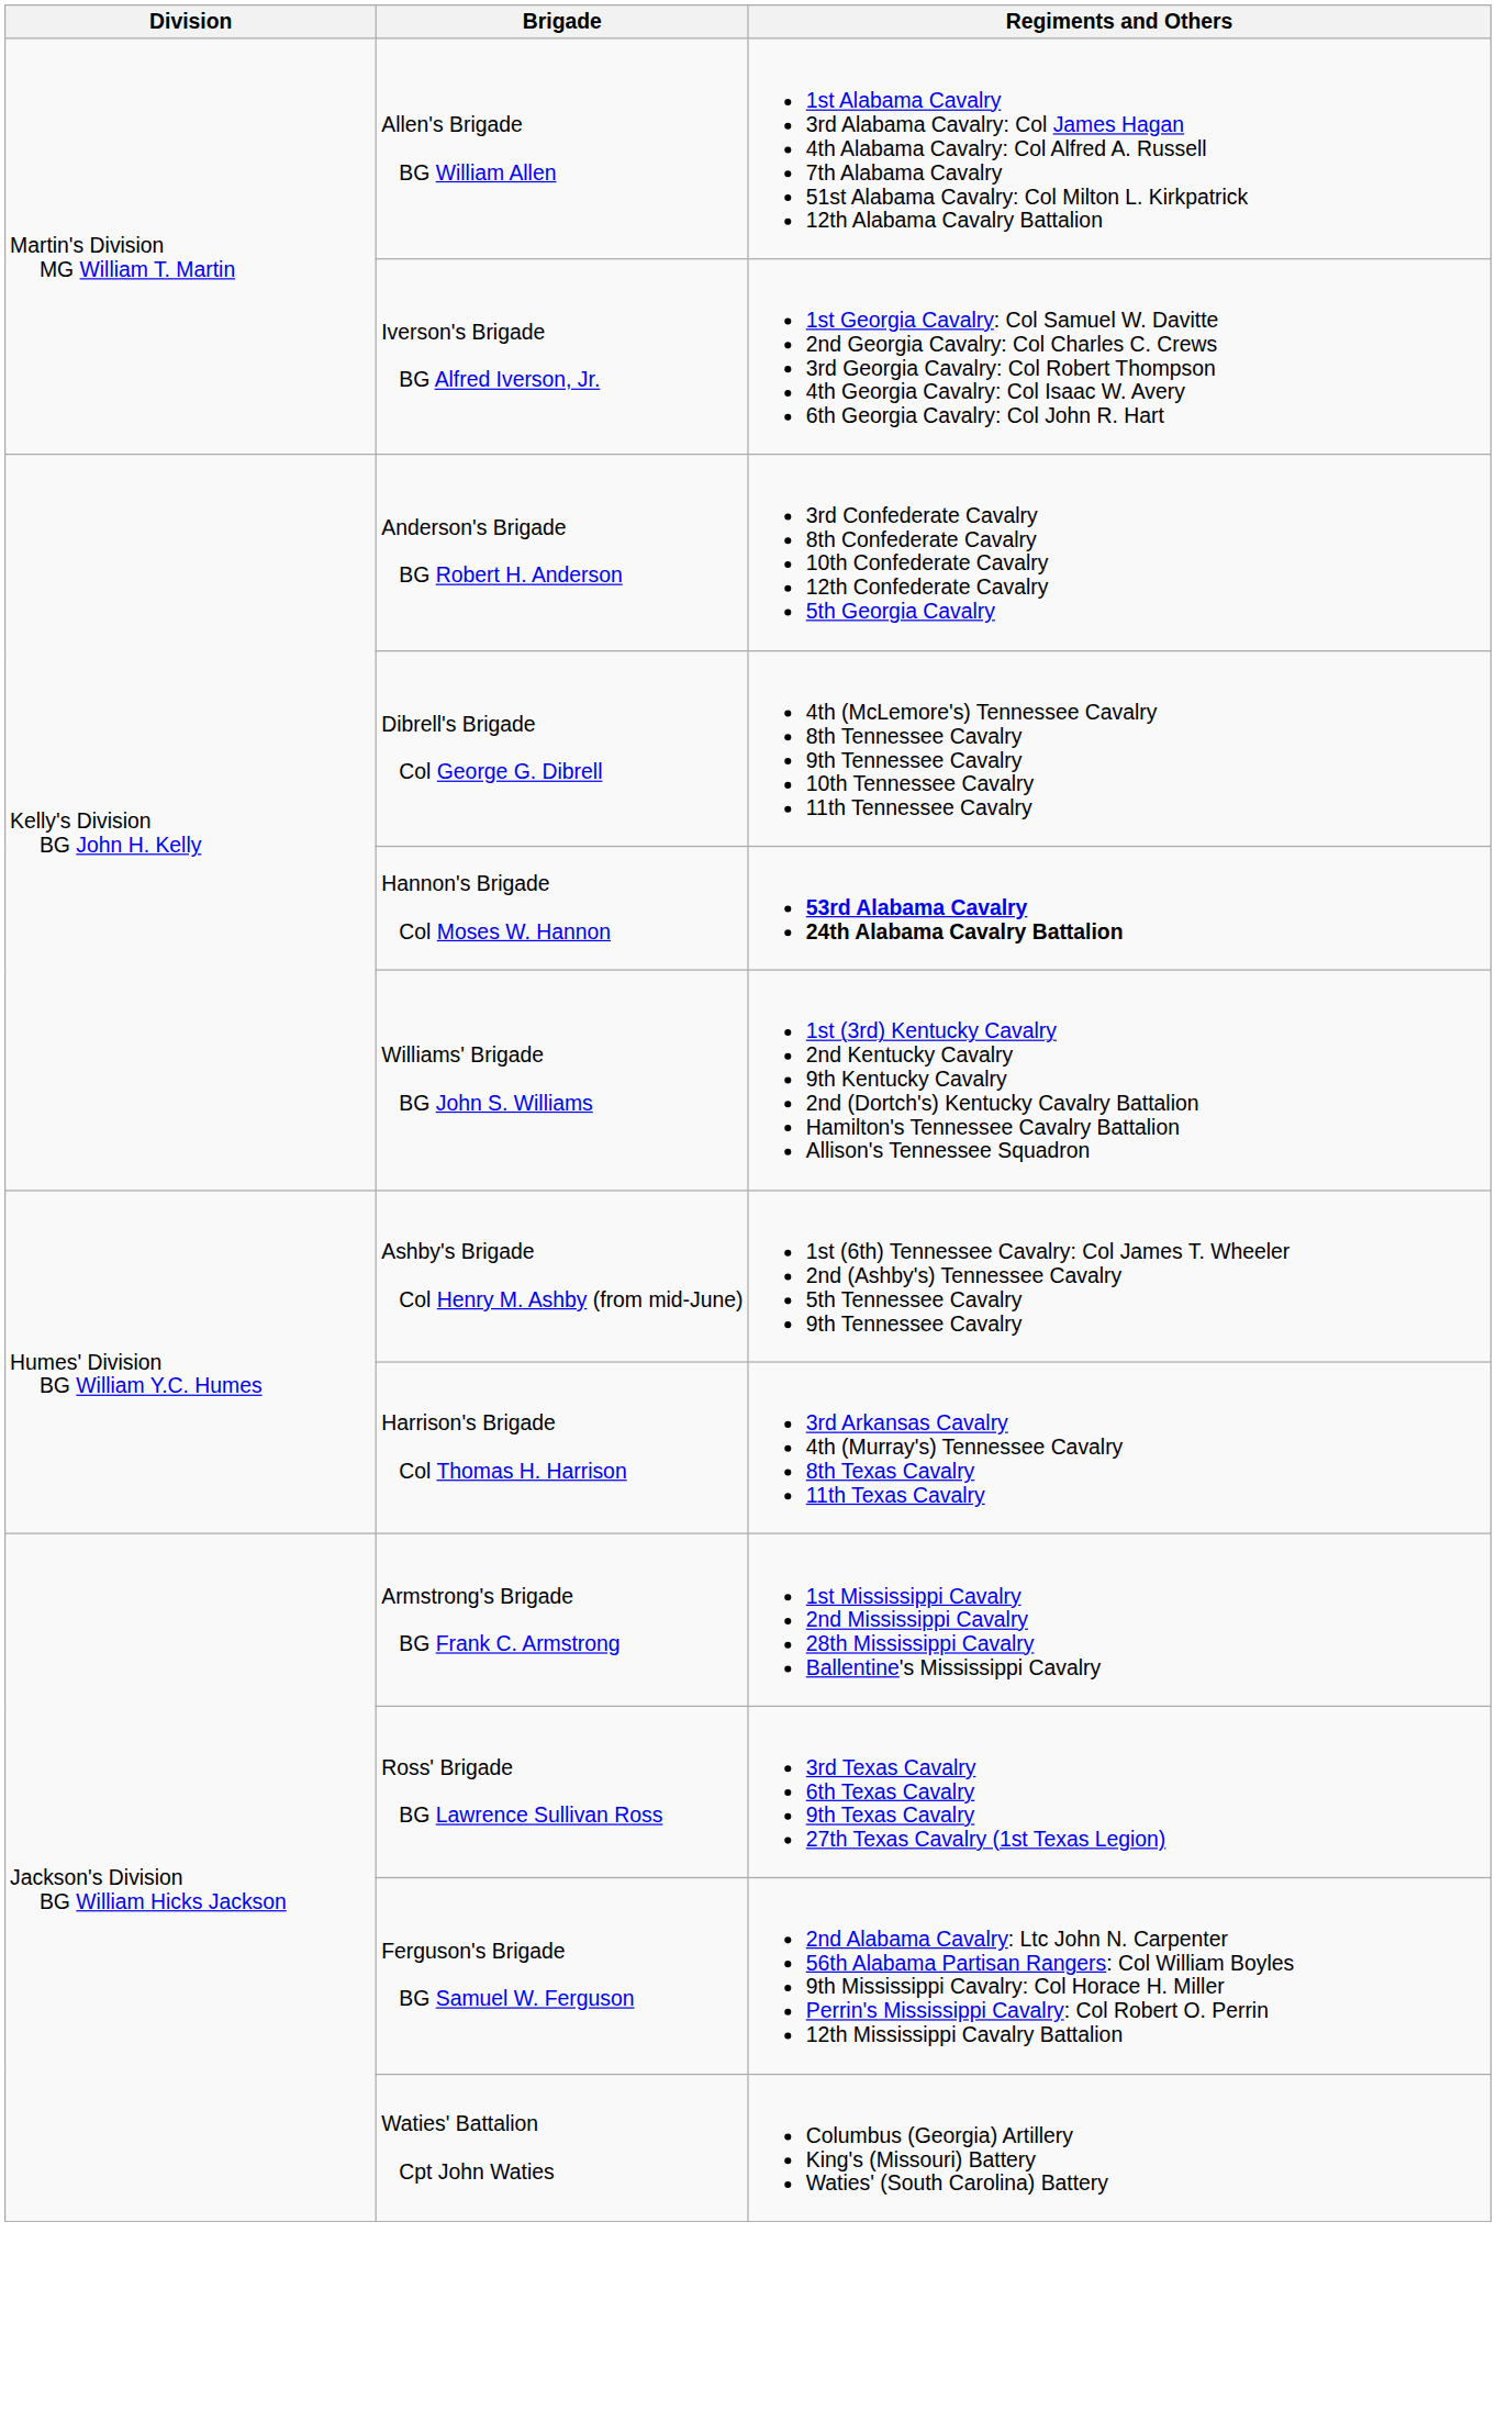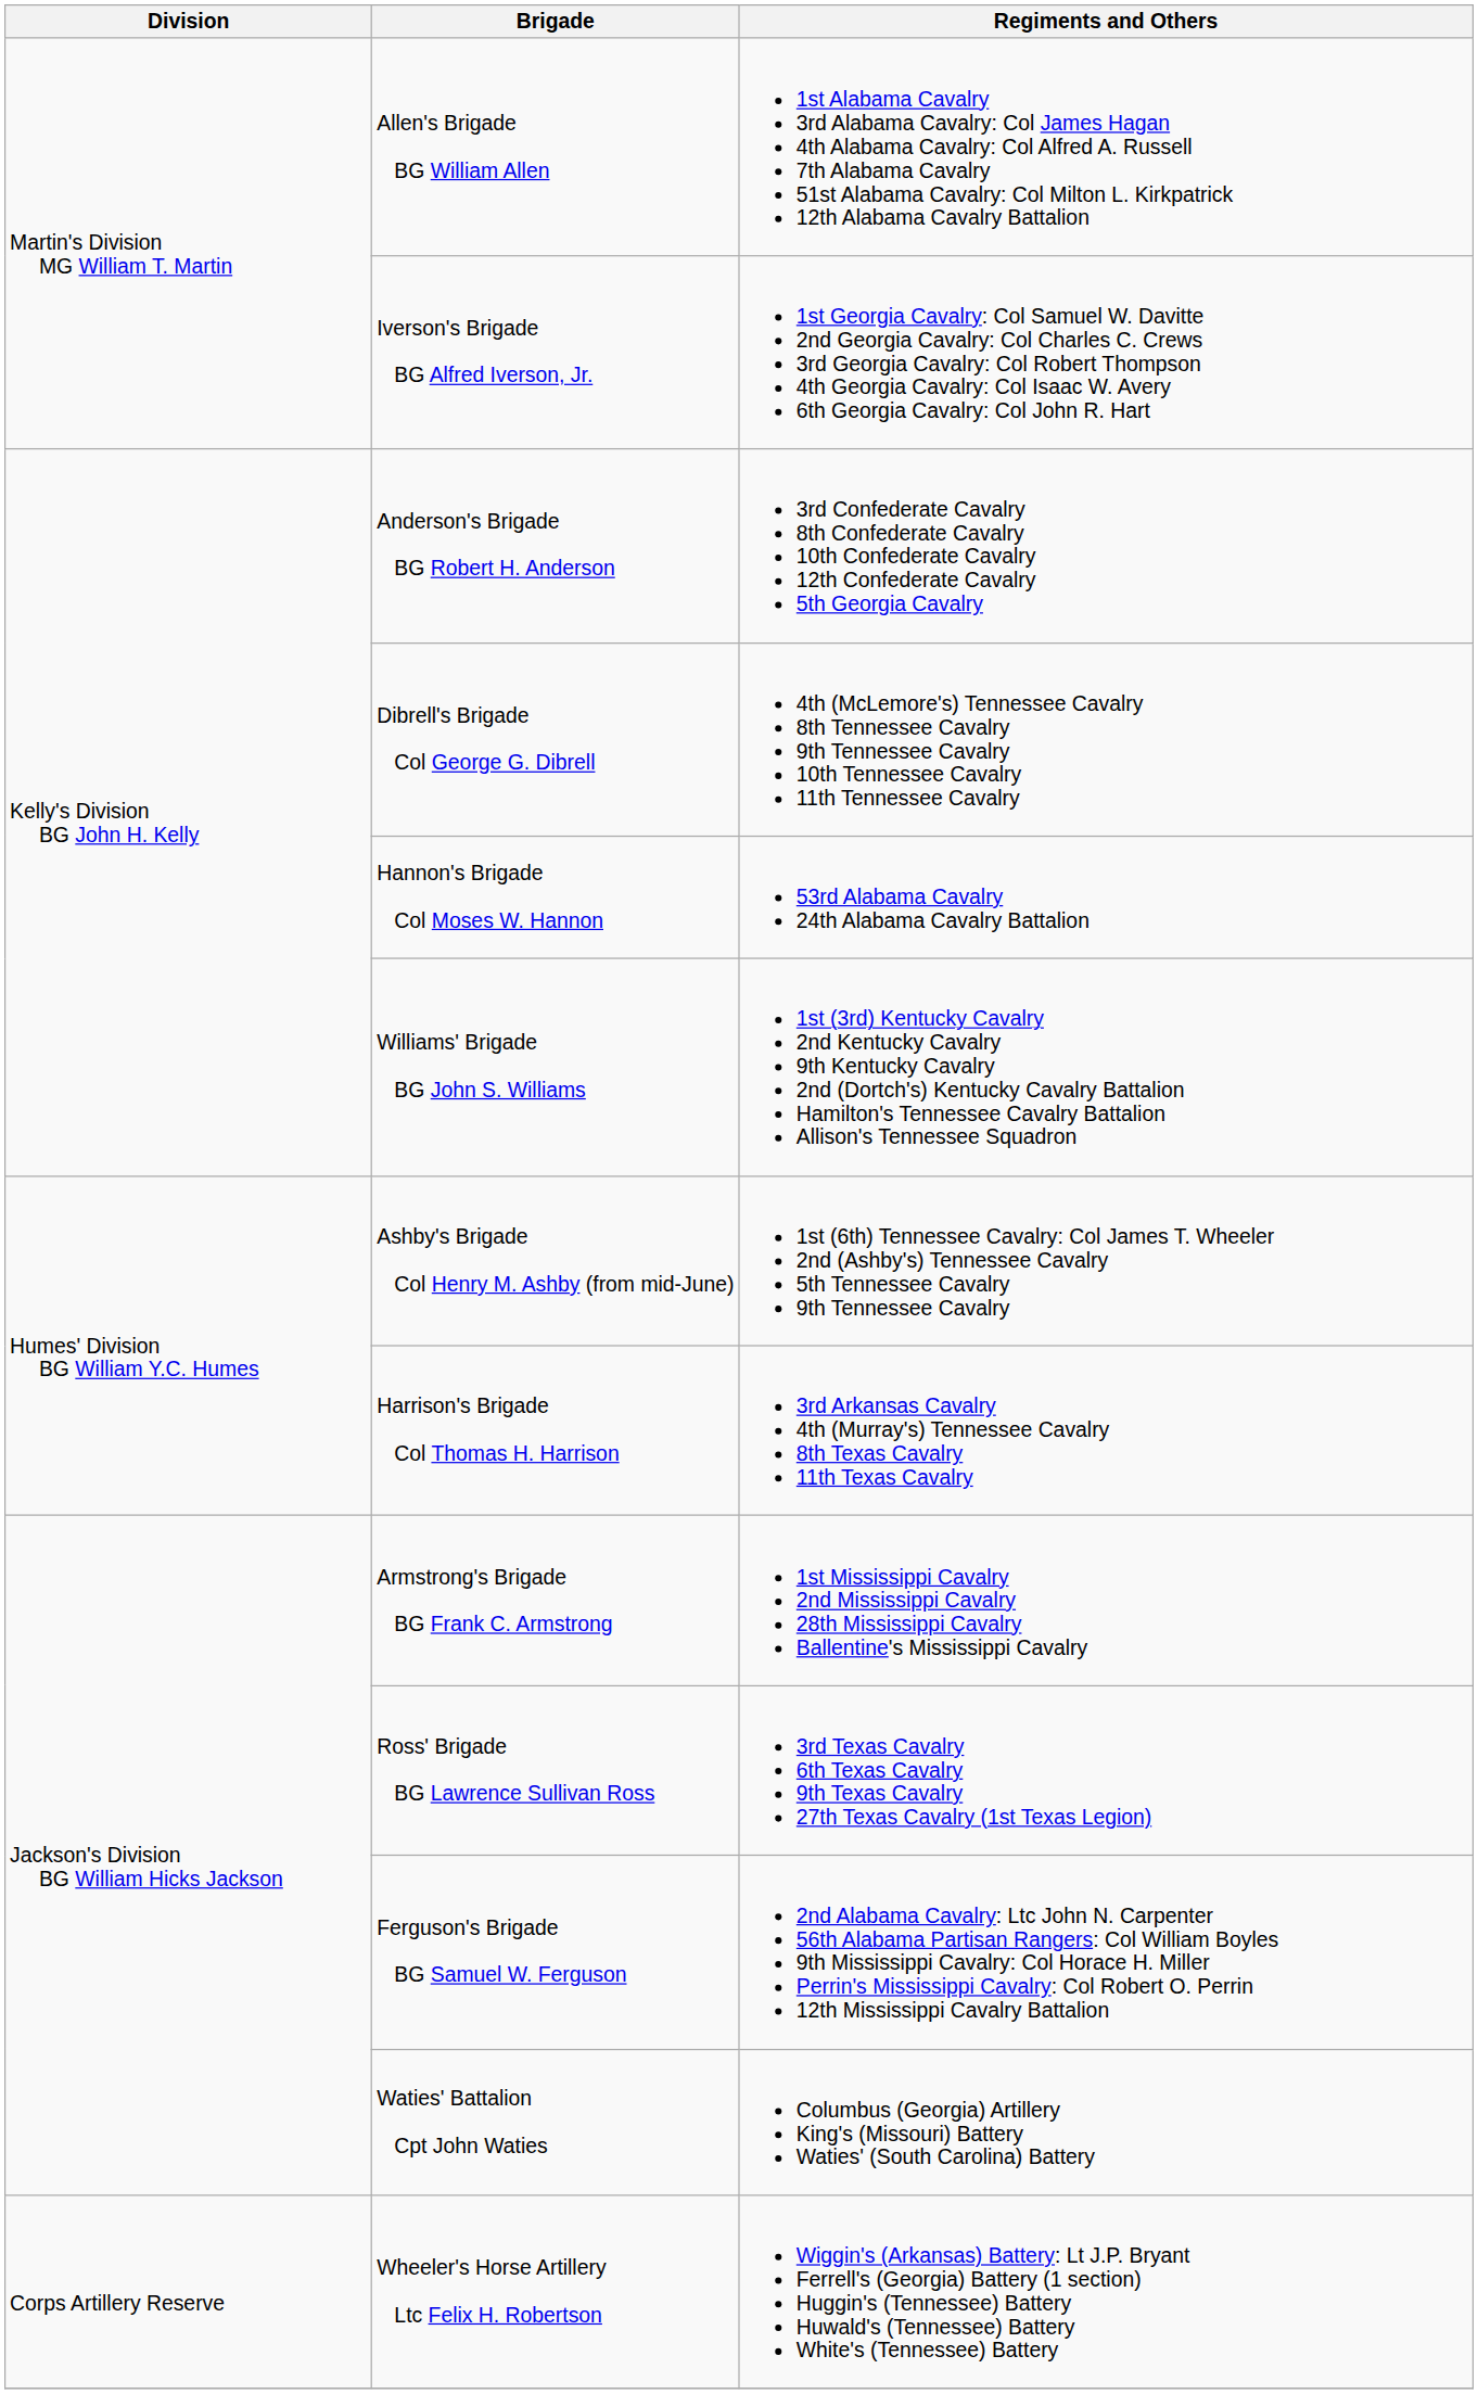 <table class="wikitable">
 <tr>
 <th width=25%>Division</th>
 <th width=25%>Brigade</th>
 <th>Regiments and Others</th>
 </tr>
 <tr>
 <td rowspan=2><br>Martin's Division <br>     MG <a href='#'>William T. Martin</a></td>
 <td>Allen's Brigade<br><br>   BG <a href='#'>William Allen</a></td>
 <td><br><ul><li><a href='#'>1st Alabama Cavalry</a></li><li>3rd Alabama Cavalry: Col <a href='#'>James Hagan</a></li><li>4th Alabama Cavalry: Col Alfred A. Russell</li><li>7th Alabama Cavalry</li><li>51st Alabama Cavalry: Col Milton L. Kirkpatrick</li><li>12th Alabama Cavalry Battalion</li></ul></td>
 </tr>
 <tr>
 <td>Iverson's Brigade<br><br>   BG <a href='#'>Alfred Iverson, Jr.</a></td>
 <td><br><ul><li><a href='#'>1st Georgia Cavalry</a>: Col Samuel W. Davitte</li><li>2nd Georgia Cavalry: Col Charles C. Crews</li><li>3rd Georgia Cavalry: Col Robert Thompson</li><li>4th Georgia Cavalry: Col Isaac W. Avery</li><li>6th Georgia Cavalry: Col John R. Hart</li></ul></td>
 </tr>
 <tr>
 <td rowspan=4><br>Kelly's Division <br>     BG <a href='#'>John H. Kelly</a></td>
 <td>Anderson's Brigade<br><br>   BG <a href='#'>Robert H. Anderson</a></td>
 <td><br><ul><li>3rd Confederate Cavalry</li><li>8th Confederate Cavalry</li><li>10th Confederate Cavalry</li><li>12th Confederate Cavalry</li><li><a href='#'>5th Georgia Cavalry</a></li></ul></td>
 </tr>
 <tr>
 <td>Dibrell's Brigade<br><br>   Col <a href='#'>George G. Dibrell</a></td>
 <td><br><ul><li>4th (McLemore's) Tennessee Cavalry</li><li>8th Tennessee Cavalry</li><li>9th Tennessee Cavalry</li><li>10th Tennessee Cavalry</li><li>11th Tennessee Cavalry</li></ul></td>
 </tr>
 <tr>
 <td>Hannon's Brigade<br><br>   Col <a href='#'>Moses W. Hannon</a></td>
-<td><strong><br><ul><li><a href='#'>53rd Alabama Cavalry</a></li><li>24th Alabama Cavalry Battalion</li></ul></strong></td>
+<td><br><ul><li><a href='#'>53rd Alabama Cavalry</a></li><li>24th Alabama Cavalry Battalion</li></ul></td>
 </tr>
 <tr>
 <td>Williams' Brigade<br><br>   BG <a href='#'>John S. Williams</a></td>
 <td><br><ul><li><a href='#'>1st (3rd) Kentucky Cavalry</a></li><li>2nd Kentucky Cavalry</li><li>9th Kentucky Cavalry</li><li>2nd (Dortch's) Kentucky Cavalry Battalion</li><li>Hamilton's Tennessee Cavalry Battalion</li><li>Allison's Tennessee Squadron</li></ul></td>
 </tr>
 <tr>
 <td rowspan=2><br>Humes' Division <br>     BG <a href='#'>William Y.C. Humes</a></td>
 <td>Ashby's Brigade<br><br>   Col <a href='#'>Henry M. Ashby</a> (from mid-June)</td>
 <td><br><ul><li>1st (6th) Tennessee Cavalry: Col James T. Wheeler</li><li>2nd (Ashby's) Tennessee Cavalry</li><li>5th Tennessee Cavalry</li><li>9th Tennessee Cavalry</li></ul></td>
 </tr>
 <tr>
 <td>Harrison's Brigade<br><br>   Col <a href='#'>Thomas H. Harrison</a></td>
 <td><br><ul><li><a href='#'>3rd Arkansas Cavalry</a></li><li>4th (Murray's) Tennessee Cavalry</li><li><a href='#'>8th Texas Cavalry</a></li><li><a href='#'>11th Texas Cavalry</a></li></ul></td>
 </tr>
 <tr>
 <td rowspan=4><br>Jackson's Division <br>     BG <a href='#'>William Hicks Jackson</a></td>
 <td>Armstrong's Brigade<br><br>   BG <a href='#'>Frank C. Armstrong</a></td>
 <td><br><ul><li><a href='#'>1st Mississippi Cavalry</a></li><li><a href='#'>2nd Mississippi Cavalry</a></li><li><a href='#'>28th Mississippi Cavalry</a></li><li><a href='#'>Ballentine</a>'s Mississippi Cavalry</li></ul></td>
 </tr>
 <tr>
 <td>Ross' Brigade<br><br>   BG <a href='#'>Lawrence Sullivan Ross</a></td>
 <td><br><ul><li><a href='#'>3rd Texas Cavalry</a></li><li><a href='#'>6th Texas Cavalry</a></li><li><a href='#'>9th Texas Cavalry</a></li><li><a href='#'>27th Texas Cavalry (1st Texas Legion)</a></li></ul></td>
 </tr>
 <tr>
 <td>Ferguson's Brigade<br><br>   BG <a href='#'>Samuel W. Ferguson</a></td>
 <td><br><ul><li><a href='#'>2nd Alabama Cavalry</a>: Ltc John N. Carpenter</li><li><a href='#'>56th Alabama Partisan Rangers</a>: Col William Boyles</li><li>9th Mississippi Cavalry: Col Horace H. Miller</li><li><a href='#'>Perrin's Mississippi Cavalry</a>: Col Robert O. Perrin</li><li>12th Mississippi Cavalry Battalion</li></ul></td>
 </tr>
 <tr>
 <td>Waties' Battalion<br><br>   Cpt John Waties</td>
 <td><br><ul><li>Columbus (Georgia) Artillery</li><li>King's (Missouri) Battery</li><li>Waties' (South Carolina) Battery</li></ul></td>
 </tr>
 <tr>
+<td rowspan=1><br>Corps Artillery Reserve</td>
+<td>Wheeler's Horse Artillery<br><br>   Ltc <a href='#'>Felix H. Robertson</a></td>
+<td><br><ul><li><a href='#'>Wiggin's (Arkansas) Battery</a>: Lt J.P. Bryant</li><li>Ferrell's (Georgia) Battery (1 section)</li><li>Huggin's (Tennessee) Battery</li><li>Huwald's (Tennessee) Battery</li><li>White's (Tennessee) Battery</li></ul></td>
+</tr>
+<tr>
 </tr>
 </table>
